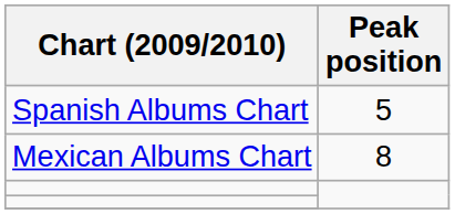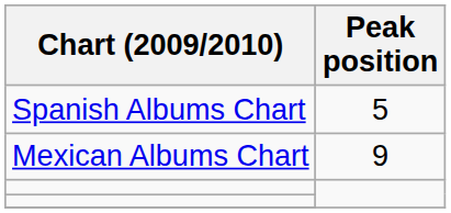 <table class="wikitable sortable">
 <tr>
 <th align="left">Chart (2009/2010)</th>
 <th align="left">Peak<br>position</th>
 </tr>
 <tr>
 <td><a href='#'>Spanish Albums Chart</a></td>
 <td align="center">5</td>
 </tr>
 <tr>
 <td><a href='#'>Mexican Albums Chart</a></td>
-<td align="center">8</td>
+<td align="center">9</td>
 </tr>
 <tr>
 <td></td>
 </tr>
 <tr>
 <td></td>
 </tr>
 <tr>
 </tr>
 </table>
